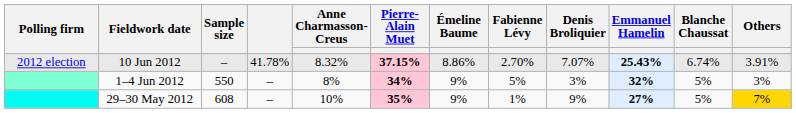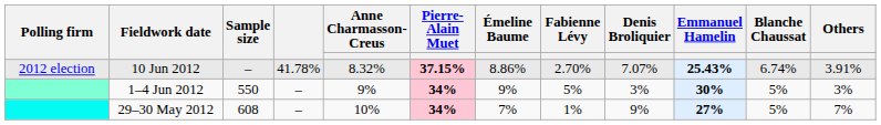 <table class="wikitable sortable" style="text-align:center;font-size:90%;line-height:14px;">
 <tr style="height:40px;">
 <th style="width:100px;" rowspan="2">Polling firm</th>
 <th style="width:110px;" rowspan="2">Fieldwork date</th>
 <th style="width:35px;" rowspan="2">Sample<br>size</th>
 <th style="width:30px;" rowspan="2"></th>
 <th class="unsortable" style="width:60px;">Anne Charmasson-Creus<br></th>
 <th class="unsortable" style="width:60px;"><a href='#'>Pierre-Alain Muet</a><br></th>
 <th class="unsortable" style="width:60px;">Émeline Baume<br></th>
 <th class="unsortable" style="width:60px;">Fabienne Lévy<br></th>
 <th class="unsortable" style="width:60px;">Denis Broliquier<br></th>
 <th class="unsortable" style="width:60px;"><a href='#'>Emmanuel Hamelin</a><br></th>
 <th class="unsortable" style="width:60px;">Blanche Chaussat<br></th>
 <th class="unsortable" style="width:60px;">Others</th>
 </tr>
 <tr>
 <th style="background:"></th>
 <th style="background:"></th>
 <th style="background:"></th>
 <th style="background:"></th>
 <th style="background:"></th>
 <th style="background:"></th>
 <th style="background:"></th>
 <th style="background:"></th>
 </tr>
 <tr style="background:#E9E9E9;">
 <td><a href='#'>2012 election</a></td>
 <td data-sort-value="2012-06-10">10 Jun 2012</td>
 <td>–</td>
 <td>41.78%</td>
 <td>8.32%</td>
 <td style="background:#FFC6D5;"><strong>37.15%</strong></td>
 <td>8.86%</td>
 <td>2.70%</td>
 <td>7.07%</td>
 <td style="background:#DFEEFF;"><strong>25.43%</strong></td>
 <td>6.74%</td>
 <td>3.91%</td>
 </tr>
 <tr>
 <td style="background:aquamarine;"></td>
 <td data-sort-value="2012-06-04">1–4 Jun 2012</td>
 <td>550</td>
 <td>–</td>
-<td>8%</td>
+<td>9%</td>
 <td style="background:#FFC6D5;"><strong>34%</strong></td>
 <td>9%</td>
 <td>5%</td>
 <td>3%</td>
-<td style="background:#DFEEFF;"><strong>32%</strong></td>
+<td style="background:#DFEEFF;"><strong>30%</strong></td>
 <td>5%</td>
 <td>3%</td>
 </tr>
 <tr>
 <td style="background:#04FBF4;"></td>
 <td data-sort-value="2012-05-30">29–30 May 2012</td>
 <td>608</td>
 <td>–</td>
 <td>10%</td>
-<td style="background:#FFC6D5;"><strong>35%</strong></td>
-<td>9%</td>
+<td style="background:#FFC6D5;"><strong>34%</strong></td>
+<td>7%</td>
 <td>1%</td>
 <td>9%</td>
 <td style="background:#DFEEFF;"><strong>27%</strong></td>
 <td>5%</td>
-<td style="background: gold;">7%</td>
+<td>7%</td>
 </tr>
 </table>
